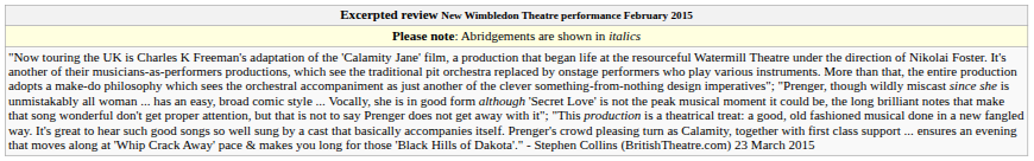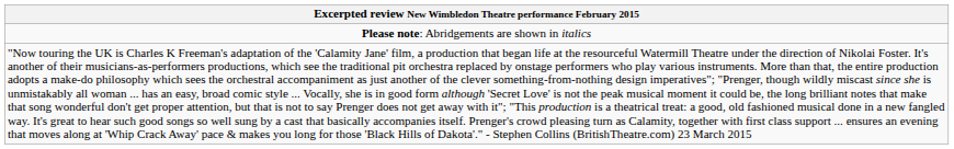 <table class="wikitable floatright collapsible collapsed">
 <tr>
 <th>Excerpted review <small>New Wimbledon Theatre performance February 2015</small></th>
 </tr>
 <tr>
-<td style="background: lightyellow; text-align:center;"><strong>Please note</strong>: Abridgements are shown in <em>italics</em></td>
+<td style="text-align:center;"><strong>Please note</strong>: Abridgements are shown in <em>italics</em></td>
 </tr>
 <tr>
 <td>"Now touring the UK is Charles K Freeman's adaptation of the 'Calamity Jane' film, a production that began life at the resourceful Watermill Theatre under the direction of Nikolai Foster. It's another of their musicians-as-performers productions, which see the traditional pit orchestra replaced by onstage performers who play various instruments. More than that, the entire production adopts a make-do philosophy which sees the orchestral accompaniment as just another of the clever something-from-nothing design imperatives"; "Prenger, though wildly miscast <em>since she</em> is unmistakably all woman ... has an easy, broad comic style ... Vocally, she is in good form <em>although</em> 'Secret Love' is not the peak musical moment it could be, the long brilliant notes that make that song wonderful don't get proper attention, but that is not to say Prenger does not get away with it"; "This <em>production</em> is a theatrical treat: a good, old fashioned musical done in a new fangled way. It's great to hear such good songs so well sung by a cast that basically accompanies itself. Prenger's crowd pleasing turn as Calamity, together with first class support ... ensures an evening that moves along at 'Whip Crack Away' pace & makes you long for those 'Black Hills of Dakota'." - Stephen Collins (BritishTheatre.com) 23 March 2015 </td>
 </tr>
 </table>
